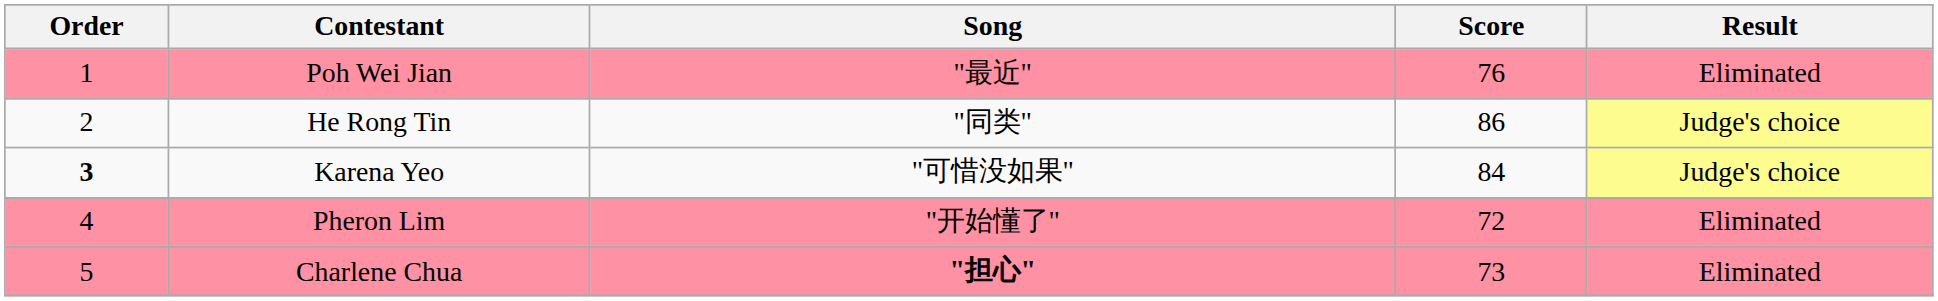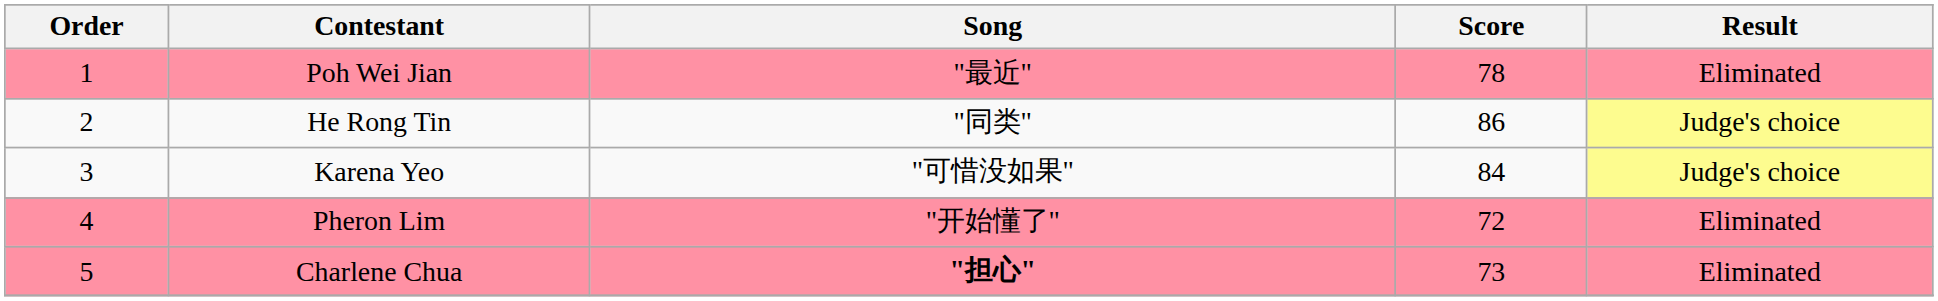 <table class="wikitable" style="text-align:center; width:70%;">
 <tr>
 <th scope="col" style="width:4%;">Order</th>
 <th scope="col" style="width:11%;">Contestant</th>
 <th scope="col" style="width:21%;">Song</th>
 <th scope="col" style="width:5%;">Score</th>
 <th scope="col" style="width:9%;">Result</th>
 </tr>
 <tr style="background:#FF91A4;">
 <td>1</td>
 <td>Poh Wei Jian</td>
 <td>"最近"</td>
-<td>76</td>
+<td>78</td>
 <td>Eliminated</td>
 </tr>
 <tr>
 <td>2</td>
 <td>He Rong Tin</td>
 <td>"同类"</td>
 <td>86</td>
 <td style="background:#fdfc8f;">Judge's choice</td>
 </tr>
 <tr>
-<td><strong>3</strong></td>
+<td>3</td>
 <td>Karena Yeo</td>
 <td>"可惜没如果"</td>
 <td>84</td>
 <td style="background:#fdfc8f;">Judge's choice</td>
 </tr>
 <tr style="background:#FF91A4;">
 <td>4</td>
 <td>Pheron Lim</td>
 <td>"开始懂了"</td>
 <td>72</td>
 <td>Eliminated</td>
 </tr>
 <tr style="background:#FF91A4;">
 <td>5</td>
 <td>Charlene Chua</td>
 <td><strong>"担心"</strong></td>
 <td>73</td>
 <td>Eliminated</td>
 </tr>
 <tr>
 </tr>
 </table>
